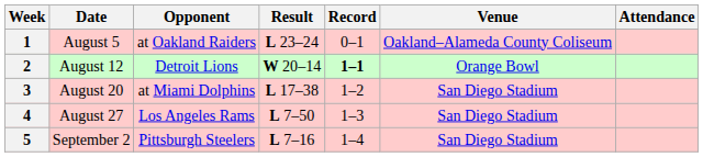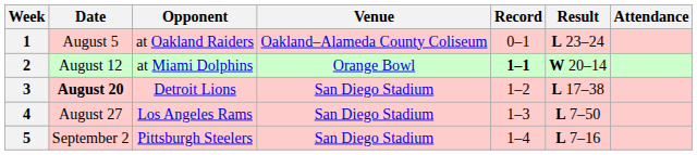 <table class="wikitable" style="text-align:center">
 <tr>
 <th>Week</th>
 <th>Date</th>
 <th>Opponent</th>
+<th>Venue</th>
+<th>Record</th>
 <th>Result</th>
-<th>Record</th>
-<th>Venue</th>
 <th>Attendance</th>
 </tr>
 <tr style="background:#fcc">
 <th>1</th>
 <td>August 5</td>
 <td>at <a href='#'>Oakland Raiders</a></td>
+<td><a href='#'>Oakland–Alameda County Coliseum</a></td>
+<td>0–1</td>
 <td><strong>L</strong> 23–24</td>
-<td>0–1</td>
-<td><a href='#'>Oakland–Alameda County Coliseum</a></td>
 <td></td>
 </tr>
 <tr style="background:#cfc">
 <th>2</th>
 <td>August 12</td>
-<td><a href='#'>Detroit Lions</a></td>
+<td>at <a href='#'>Miami Dolphins</a></td>
+<td><a href='#'>Orange Bowl</a></td>
+<td><strong>1–1</strong></td>
 <td><strong>W</strong> 20–14</td>
-<td><strong>1–1</strong></td>
-<td><a href='#'>Orange Bowl</a></td>
 <td></td>
 </tr>
 <tr style="background:#fcc">
 <th>3</th>
-<td>August 20</td>
-<td>at <a href='#'>Miami Dolphins</a></td>
+<td><strong>August 20</strong></td>
+<td><a href='#'>Detroit Lions</a></td>
+<td><a href='#'>San Diego Stadium</a></td>
+<td>1–2</td>
 <td><strong>L</strong> 17–38</td>
-<td>1–2</td>
-<td><a href='#'>San Diego Stadium</a></td>
 <td></td>
 </tr>
 <tr style="background:#fcc">
 <th>4</th>
 <td>August 27</td>
 <td><a href='#'>Los Angeles Rams</a></td>
+<td><a href='#'>San Diego Stadium</a></td>
+<td>1–3</td>
 <td><strong>L</strong> 7–50</td>
-<td>1–3</td>
-<td><a href='#'>San Diego Stadium</a></td>
 <td></td>
 </tr>
 <tr style="background:#fcc">
 <th>5</th>
 <td>September 2</td>
 <td><a href='#'>Pittsburgh Steelers</a></td>
+<td><a href='#'>San Diego Stadium</a></td>
+<td>1–4</td>
 <td><strong>L</strong> 7–16</td>
-<td>1–4</td>
-<td><a href='#'>San Diego Stadium</a></td>
 <td></td>
 </tr>
 </table>
